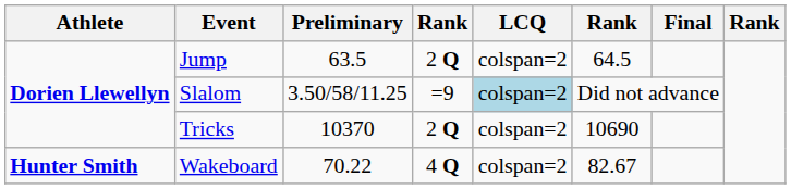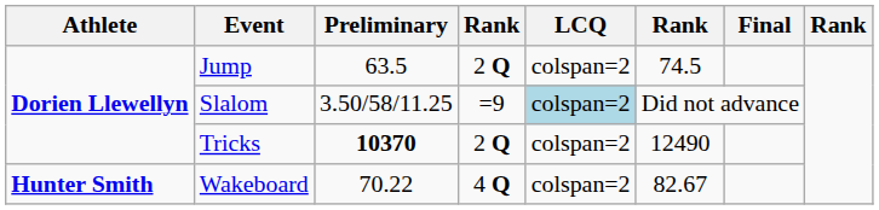 <table class="wikitable" style="font-size:90%">
 <tr>
 <th>Athlete</th>
 <th>Event</th>
 <th>Preliminary</th>
 <th>Rank</th>
 <th>LCQ</th>
 <th>Rank</th>
 <th>Final</th>
 <th>Rank</th>
 </tr>
 <tr align=center>
 <td rowspan=3 align=left><strong><a href='#'>Dorien Llewellyn</a></strong></td>
 <td align=left><a href='#'>Jump</a></td>
 <td>63.5</td>
 <td>2 <strong>Q</strong></td>
 <td>colspan=2 </td>
-<td>64.5</td>
+<td>74.5</td>
 <td></td>
 </tr>
 <tr align=center>
 <td align=left><a href='#'>Slalom</a></td>
 <td>3.50/58/11.25</td>
 <td>=9</td>
 <td style="background: lightblue;">colspan=2 </td>
 <td colspan=2>Did not advance</td>
 </tr>
 <tr align=center>
 <td align=left><a href='#'>Tricks</a></td>
-<td>10370</td>
+<td><strong>10370</strong></td>
 <td>2 <strong>Q</strong></td>
 <td>colspan=2 </td>
-<td>10690</td>
+<td>12490</td>
 <td></td>
 </tr>
 <tr align=center>
 <td align=left><strong><a href='#'>Hunter Smith</a></strong></td>
 <td align=left><a href='#'>Wakeboard</a></td>
 <td>70.22</td>
 <td>4 <strong>Q</strong></td>
 <td>colspan=2 </td>
 <td>82.67</td>
 <td></td>
 </tr>
 </table>
